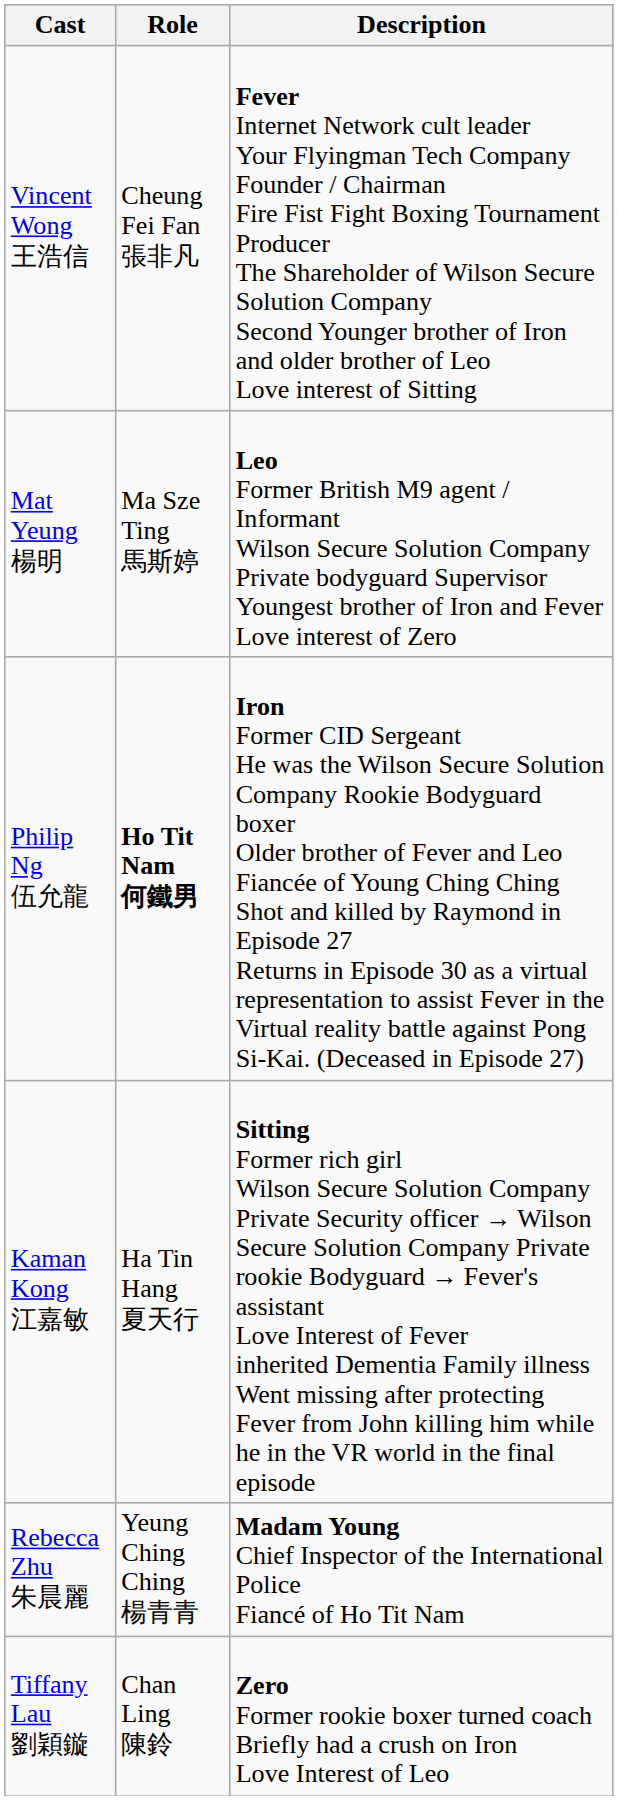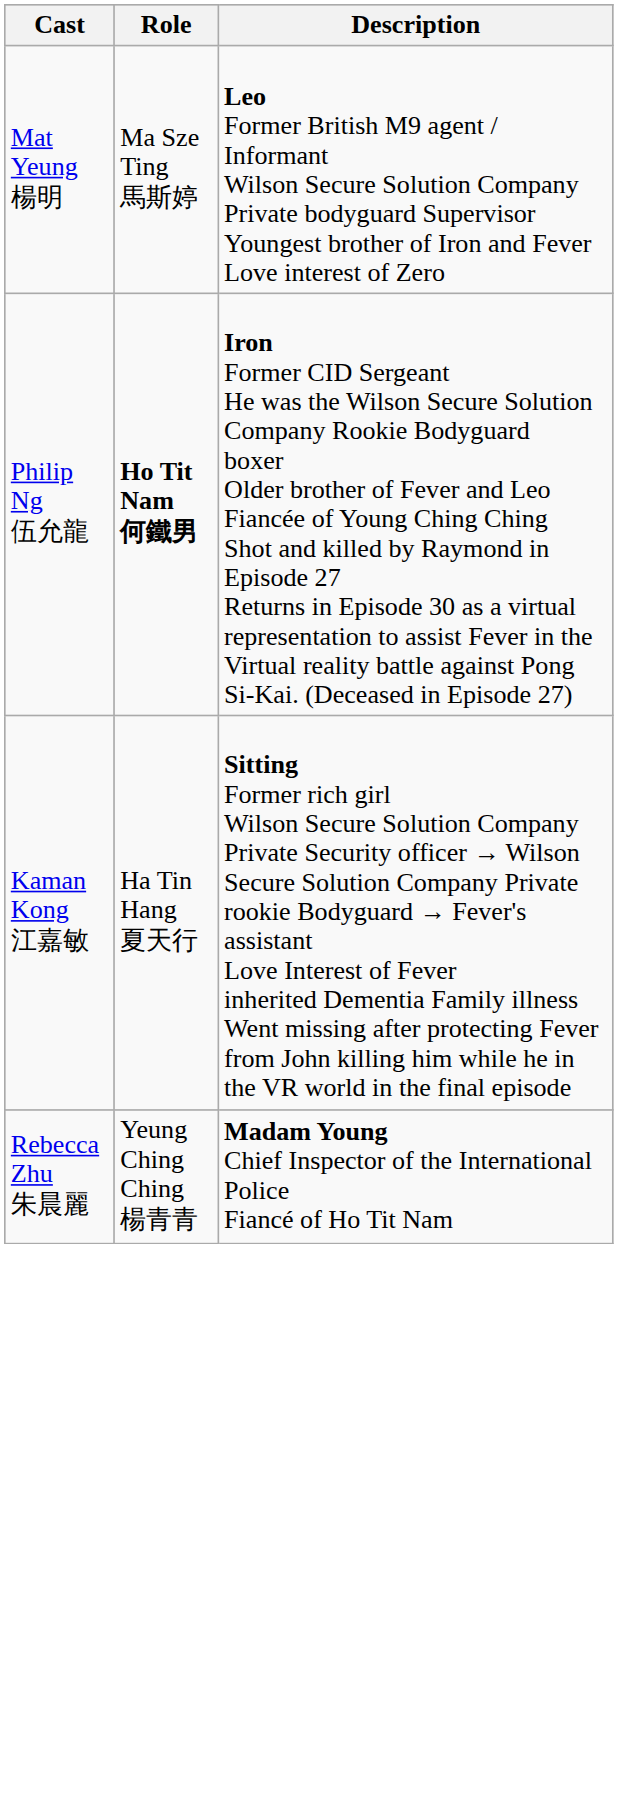 <table class="wikitable" width="60%">
 <tr>
 <th>Cast</th>
 <th>Role</th>
 <th>Description</th>
-</tr>
-<tr>
-<td><a href='#'>Vincent Wong</a> <br> 王浩信</td>
-<td>Cheung Fei Fan <br> 張非凡</td>
-<td><br><strong>Fever</strong> <br>  Internet Network cult leader  <br> Your Flyingman Tech Company Founder / Chairman <br> Fire Fist Fight Boxing Tournament Producer <br> The Shareholder of Wilson Secure Solution Company <br> Second Younger brother of Iron and older brother of Leo <br> Love interest of Sitting</td>
 </tr>
 <tr>
 <td><a href='#'>Mat Yeung</a> <br> 楊明</td>
 <td>Ma Sze Ting <br> 馬斯婷</td>
 <td><br><strong>Leo</strong> <br> Former British M9 agent / Informant <br> Wilson Secure Solution Company Private bodyguard Supervisor  <br>  Youngest brother of Iron and Fever <br> Love interest of Zero</td>
 </tr>
 <tr>
 <td><a href='#'>Philip Ng</a> <br> 伍允龍</td>
 <td><strong>Ho Tit Nam <br> 何鐵男</strong></td>
 <td><br><strong>Iron</strong> <br> Former CID Sergeant  <br> He was the Wilson Secure Solution Company Rookie Bodyguard <br> boxer <br>  Older brother of Fever and Leo <br> Fiancée of Young Ching Ching <br> Shot and killed by Raymond in Episode 27<br>Returns in Episode 30 as a virtual representation to assist Fever in the Virtual reality battle against Pong Si-Kai. (Deceased in Episode 27)</td>
 </tr>
 <tr>
 <td><a href='#'>Kaman Kong</a> <br> 江嘉敏</td>
 <td>Ha Tin Hang <br> 夏天行</td>
 <td><br><strong>Sitting</strong> <br> Former rich girl  <br>  Wilson Secure Solution Company  Private Security officer <strong>→</strong> Wilson Secure Solution Company Private rookie Bodyguard <strong>→</strong> Fever's assistant <br> Love Interest of Fever <br> inherited Dementia Family illness <br> Went missing after protecting Fever from John killing him while he in the VR world in the final episode</td>
 </tr>
 <tr>
 <td><a href='#'>Rebecca Zhu</a> <br> 朱晨麗</td>
 <td>Yeung Ching Ching <br> 楊青青</td>
 <td><strong>Madam Young</strong> <br> Chief Inspector of the International Police <br> Fiancé of Ho Tit Nam</td>
 </tr>
-<tr>
-<td><a href='#'>Tiffany Lau</a> <br> 劉穎鏇</td>
-<td>Chan Ling <br> 陳鈴</td>
-<td><br><strong>Zero</strong> <br> Former  rookie boxer turned coach <br> Briefly had a crush on Iron <br> Love Interest of Leo</td>
-</tr>
 </table>
